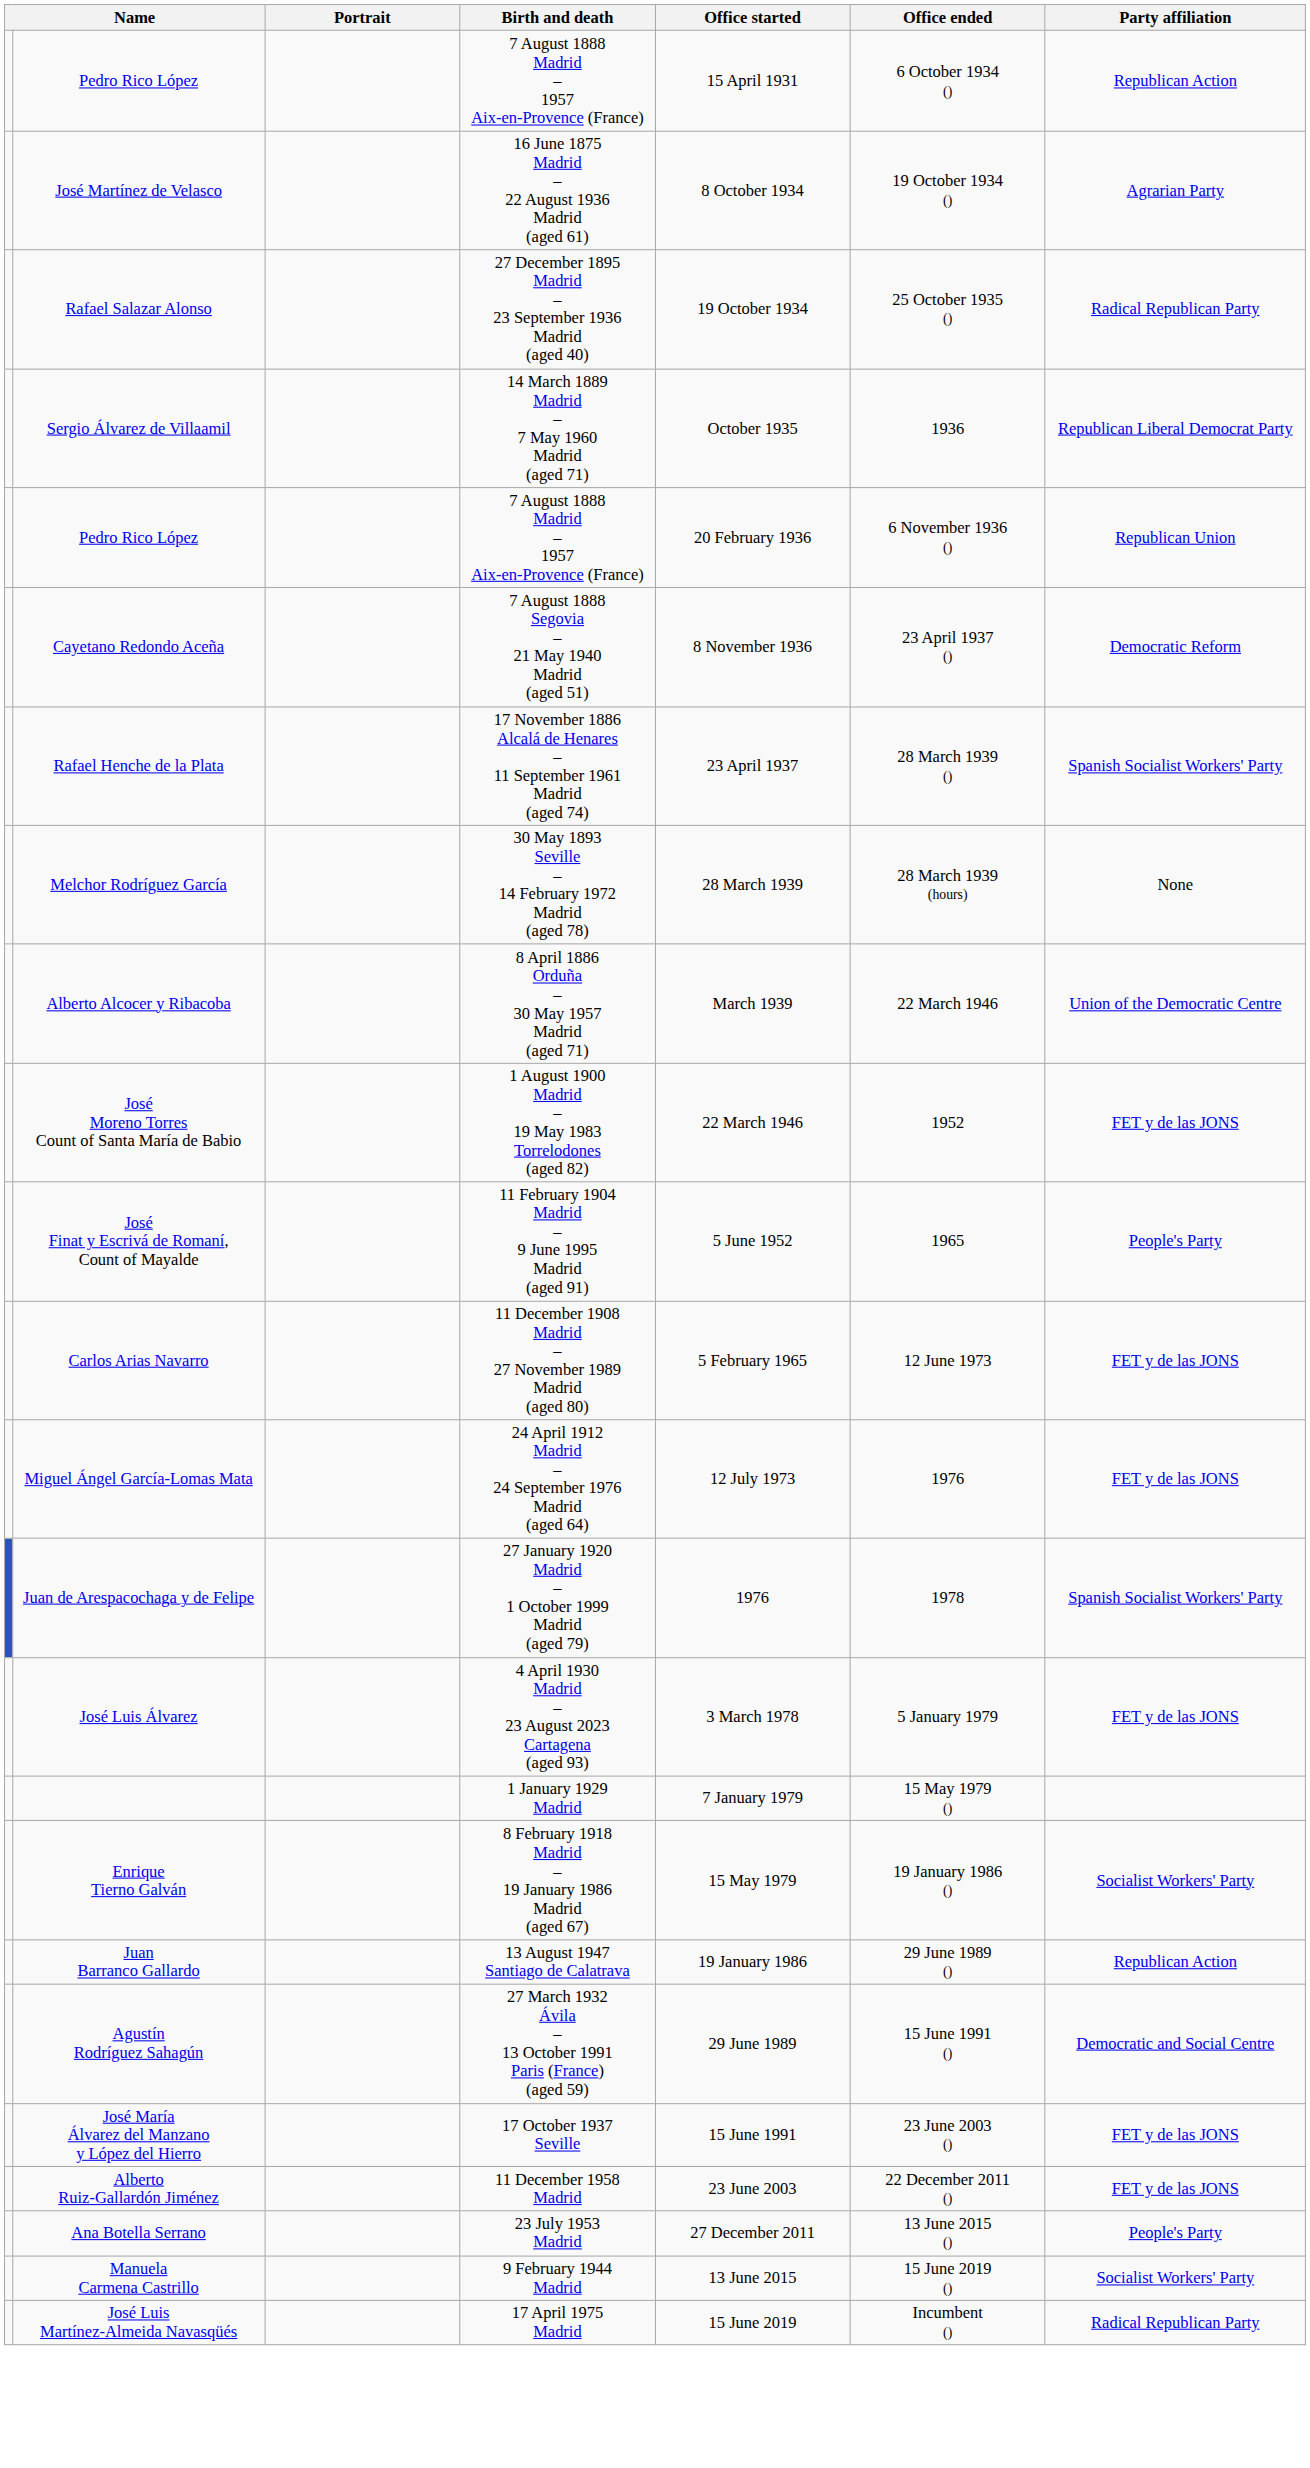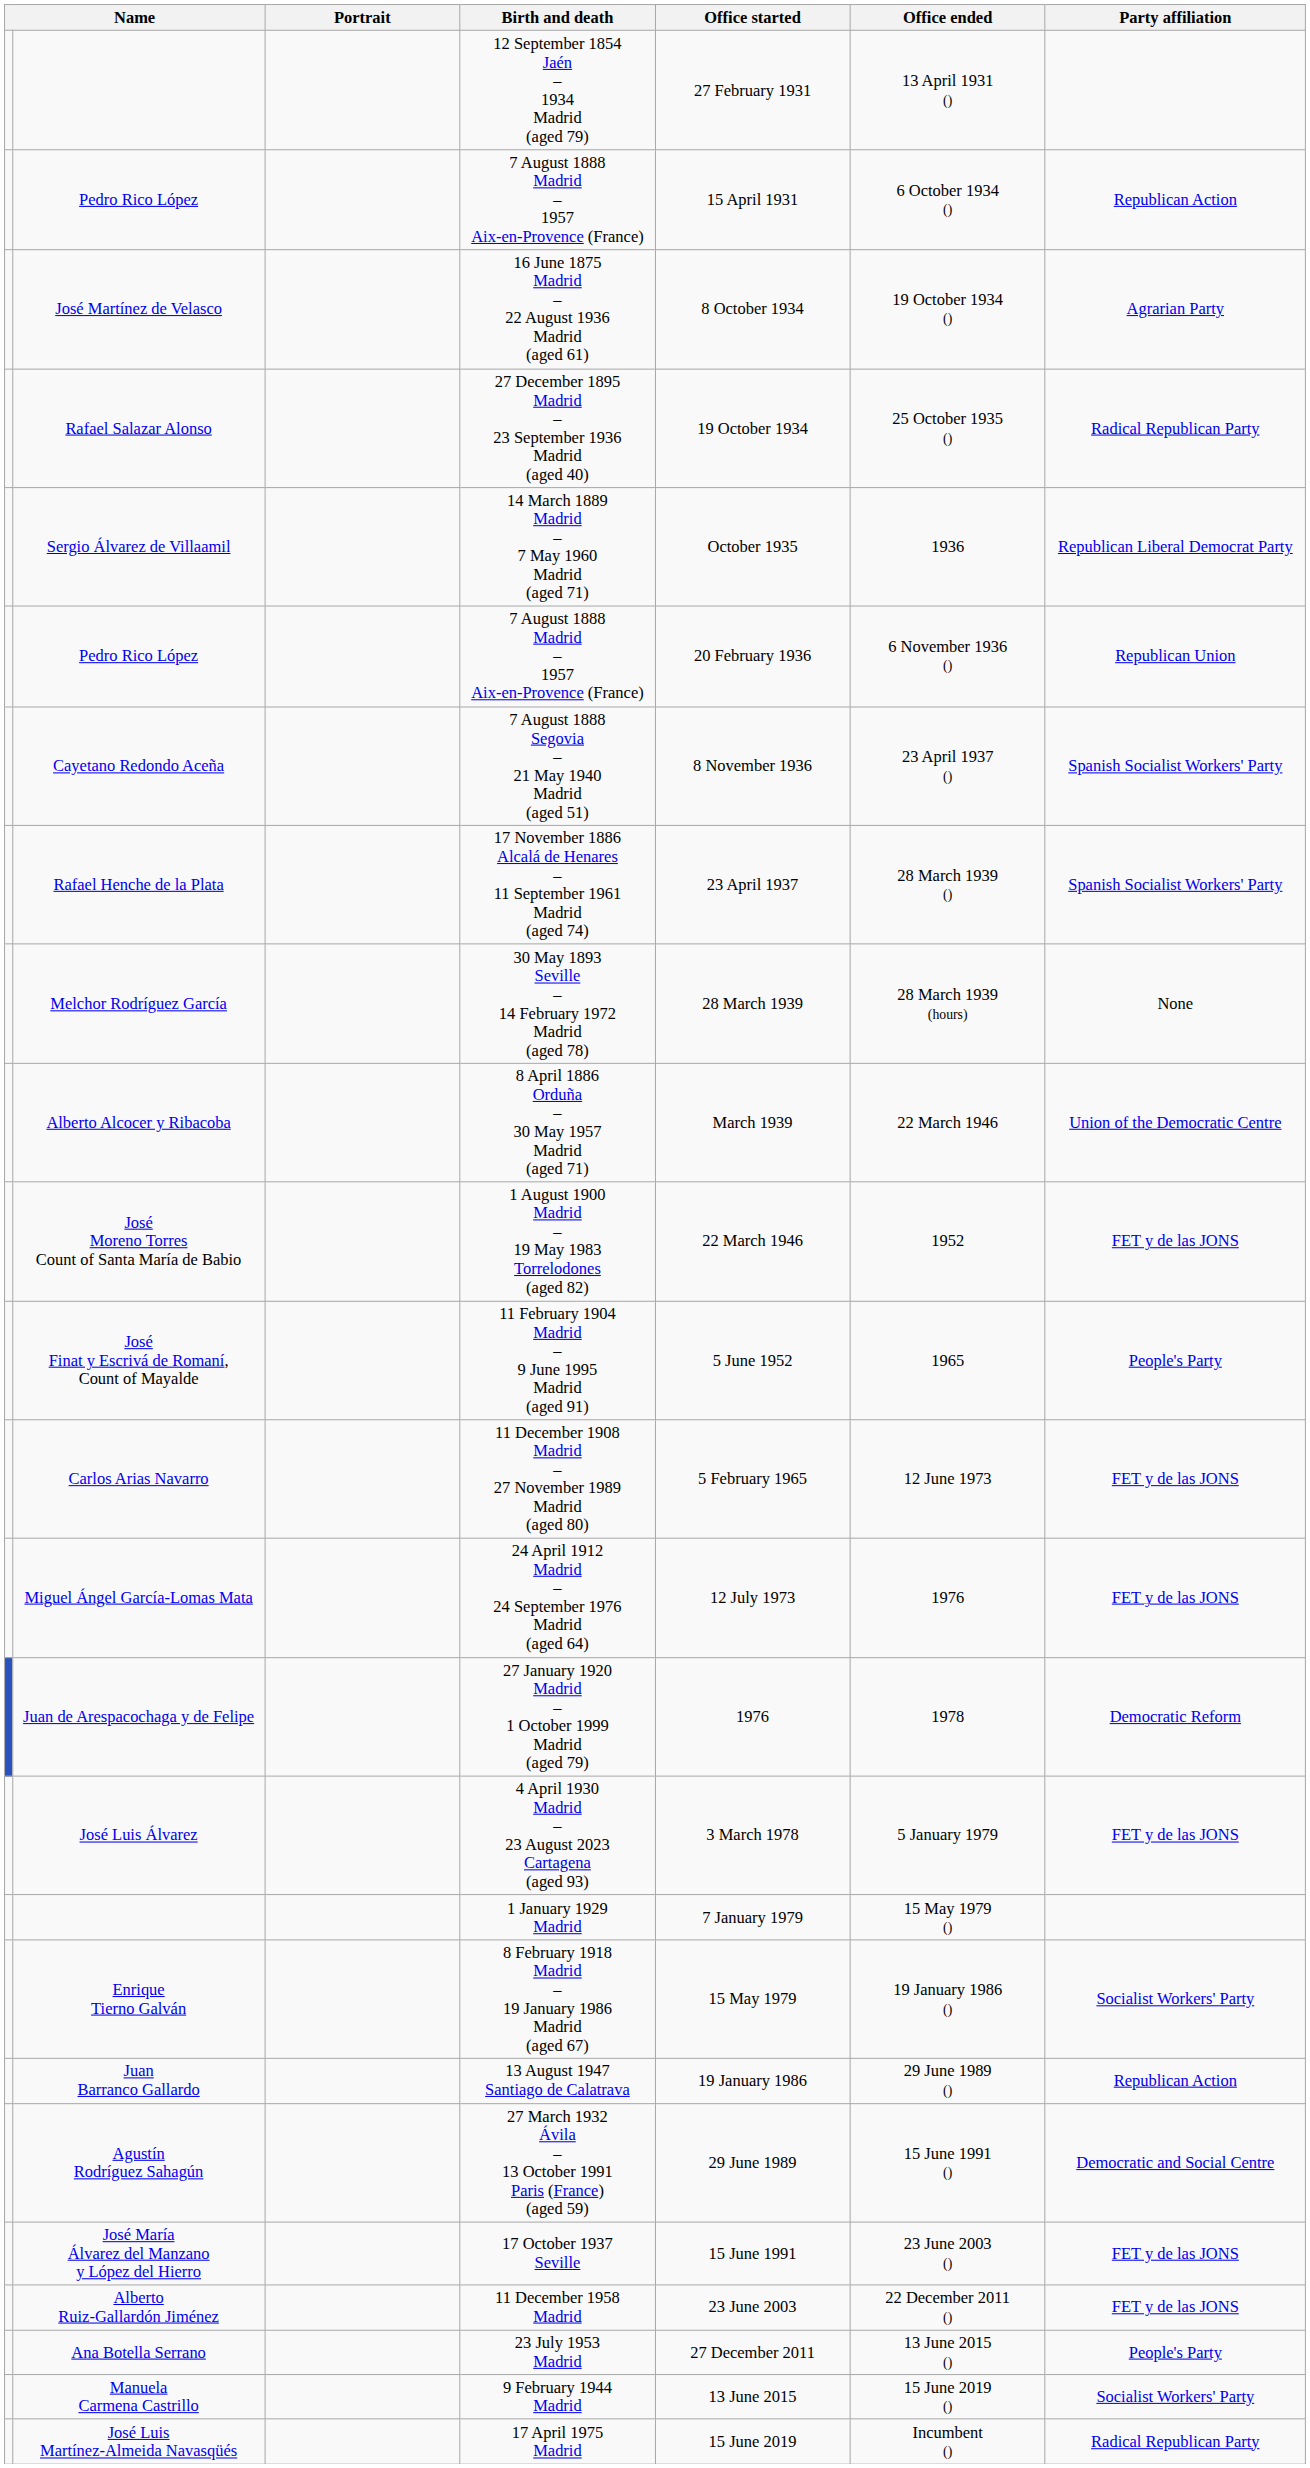 <table style="text-align:center; width:100%" class="wikitable">
 <tr>
 <th colspan=2 width=20%>Name</th>
 <th width=105px>Portrait</th>
 <th width=15%>Birth and death</th>
 <th width=15%>Office started</th>
 <th width=15%>Office ended</th>
 <th width=20%>Party affiliation</th>
+</tr>
+<tr>
+<td bgcolor=></td>
+<td></td>
+<td></td>
+<td>12 September 1854<br><a href='#'>Jaén</a><br>–<br>1934 <br>Madrid<br>(aged 79)</td>
+<td>27 February 1931</td>
+<td>13 April 1931<br><small>()</small></td>
+<td></td>
 </tr>
 <tr>
 <td></td>
 <td><a href='#'>Pedro Rico López</a></td>
 <td></td>
 <td>7 August 1888<br><a href='#'>Madrid</a><br>–<br>1957<br><a href='#'>Aix-en-Provence</a> (France)<br></td>
 <td>15 April 1931</td>
 <td>6 October 1934<br><small>()</small></td>
 <td><a href='#'>Republican Action</a></td>
 </tr>
 <tr>
 <td bgcolor=></td>
 <td><a href='#'>José Martínez de Velasco</a></td>
 <td></td>
 <td>16 June 1875<br><a href='#'>Madrid</a><br>–<br>22 August 1936<br>Madrid<br>(aged 61)</td>
 <td>8 October 1934</td>
 <td>19 October 1934<br><small>()</small></td>
 <td><a href='#'>Agrarian Party</a></td>
 </tr>
 <tr>
 <td></td>
 <td><a href='#'>Rafael Salazar Alonso</a></td>
 <td></td>
 <td>27 December 1895<br><a href='#'>Madrid</a><br>–<br>23 September 1936<br>Madrid<br>(aged 40)</td>
 <td>19 October 1934</td>
 <td>25 October 1935<br><small>()</small></td>
 <td><a href='#'>Radical Republican Party</a></td>
 </tr>
 <tr>
 <td bgcolor=></td>
 <td><a href='#'>Sergio Álvarez de Villaamil</a></td>
 <td></td>
 <td>14 March 1889<br><a href='#'>Madrid</a><br>–<br>7 May 1960<br>Madrid<br>(aged 71)</td>
 <td>October 1935</td>
 <td>1936</td>
 <td><a href='#'>Republican Liberal Democrat Party</a></td>
 </tr>
 <tr>
 <td></td>
 <td><a href='#'>Pedro Rico López</a></td>
 <td></td>
 <td>7 August 1888<br><a href='#'>Madrid</a><br>–<br>1957<br><a href='#'>Aix-en-Provence</a> (France)<br></td>
 <td>20 February 1936</td>
 <td>6 November 1936<br><small>()</small></td>
 <td><a href='#'>Republican Union</a></td>
 </tr>
 <tr>
 <td></td>
 <td><a href='#'>Cayetano Redondo Aceña</a></td>
 <td></td>
 <td>7 August 1888<br><a href='#'>Segovia</a><br>–<br>21 May 1940<br>Madrid<br>(aged 51)</td>
 <td>8 November 1936</td>
 <td>23 April 1937<br><small>()</small></td>
-<td><a href='#'>Democratic Reform</a></td>
+<td><a href='#'>Spanish Socialist Workers' Party</a></td>
 </tr>
 <tr>
 <td></td>
 <td><a href='#'>Rafael Henche de la Plata</a></td>
 <td></td>
 <td>17 November 1886<br><a href='#'>Alcalá de Henares</a><br>–<br>11 September 1961<br>Madrid<br>(aged 74)</td>
 <td>23 April 1937</td>
 <td>28 March 1939<br><small>()</small></td>
 <td><a href='#'>Spanish Socialist Workers' Party</a></td>
 </tr>
 <tr>
 <td bgcolor=></td>
 <td><a href='#'>Melchor Rodríguez García</a></td>
 <td></td>
 <td>30 May 1893<br><a href='#'>Seville</a><br>–<br>14 February 1972<br>Madrid<br>(aged 78)</td>
 <td>28 March 1939</td>
 <td>28 March 1939<br><small>(hours)</small></td>
 <td>None</td>
 </tr>
 <tr>
 <td></td>
 <td><a href='#'>Alberto Alcocer y Ribacoba</a></td>
 <td></td>
 <td>8 April 1886<br><a href='#'>Orduña</a><br>–<br>30 May 1957<br>Madrid<br>(aged 71)</td>
 <td>March 1939</td>
 <td>22 March 1946</td>
 <td><a href='#'>Union of the Democratic Centre</a></td>
 </tr>
 <tr>
 <td></td>
 <td><a href='#'>José<br>Moreno Torres</a><br>Count of Santa María de Babio</td>
 <td></td>
 <td>1 August 1900<br><a href='#'>Madrid</a><br>–<br>19 May 1983<br><a href='#'>Torrelodones</a><br>(aged 82)</td>
 <td>22 March 1946</td>
 <td>1952</td>
 <td><a href='#'>FET y de las JONS</a></td>
 </tr>
 <tr>
 <td></td>
 <td><a href='#'>José<br>Finat y Escrivá de Romaní</a>,<br>Count of Mayalde</td>
 <td></td>
 <td>11 February 1904<br><a href='#'>Madrid</a><br>–<br>9 June 1995<br>Madrid<br>(aged 91)</td>
 <td>5 June 1952</td>
 <td>1965</td>
 <td><a href='#'>People's Party</a></td>
 </tr>
 <tr>
 <td></td>
 <td><a href='#'>Carlos Arias Navarro</a></td>
 <td></td>
 <td>11 December 1908<br><a href='#'>Madrid</a><br>–<br>27 November 1989<br>Madrid<br>(aged 80)</td>
 <td>5 February 1965</td>
 <td>12 June 1973</td>
 <td><a href='#'>FET y de las JONS</a></td>
 </tr>
 <tr>
 <td></td>
 <td><a href='#'>Miguel Ángel García-Lomas Mata</a></td>
 <td></td>
 <td>24 April 1912<br><a href='#'>Madrid</a><br>–<br>24 September 1976<br>Madrid<br>(aged 64)</td>
 <td>12 July 1973</td>
 <td>1976</td>
 <td><a href='#'>FET y de las JONS</a></td>
 </tr>
 <tr>
 <td bgcolor=#2A52BE></td>
 <td><a href='#'>Juan de Arespacochaga y de Felipe</a></td>
 <td></td>
 <td>27 January 1920<br><a href='#'>Madrid</a><br>–<br>1 October 1999<br>Madrid<br>(aged 79)</td>
 <td>1976</td>
 <td>1978</td>
-<td><a href='#'>Spanish Socialist Workers' Party</a></td>
+<td><a href='#'>Democratic Reform</a></td>
 </tr>
 <tr>
 <td></td>
 <td><a href='#'>José Luis Álvarez</a></td>
 <td></td>
 <td>4 April 1930<br><a href='#'>Madrid</a><br>–<br>23 August 2023<br><a href='#'>Cartagena</a><br>(aged 93)</td>
 <td>3 March 1978</td>
 <td>5 January 1979</td>
 <td><a href='#'>FET y de las JONS</a></td>
 </tr>
 <tr>
 <td bgcolor=></td>
 <td></td>
 <td></td>
 <td>1 January 1929<br><a href='#'>Madrid</a></td>
 <td>7 January 1979</td>
 <td>15 May 1979<br><small>()</small></td>
 <td></td>
 </tr>
 <tr>
 <td></td>
 <td><a href='#'>Enrique<br>Tierno Galván</a></td>
 <td></td>
 <td>8 February 1918<br><a href='#'>Madrid</a><br>–<br>19 January 1986<br>Madrid<br>(aged 67)</td>
 <td>15 May 1979</td>
 <td>19 January 1986<br><small>()</small></td>
 <td><a href='#'>Socialist Workers' Party</a></td>
 </tr>
 <tr>
 <td></td>
 <td><a href='#'>Juan<br>Barranco Gallardo</a></td>
 <td></td>
 <td>13 August 1947<br><a href='#'>Santiago de Calatrava</a></td>
 <td>19 January 1986</td>
 <td>29 June 1989<br><small>()</small></td>
 <td><a href='#'>Republican Action</a></td>
 </tr>
 <tr>
 <td></td>
 <td><a href='#'>Agustín<br>Rodríguez Sahagún</a></td>
 <td></td>
 <td>27 March 1932<br><a href='#'>Ávila</a><br>–<br>13 October 1991<br><a href='#'>Paris</a> (<a href='#'>France</a>)<br>(aged 59)</td>
 <td>29 June 1989</td>
 <td>15 June 1991<br><small>()</small></td>
 <td><a href='#'>Democratic and Social Centre</a></td>
 </tr>
 <tr>
 <td></td>
 <td><a href='#'>José María<br>Álvarez del Manzano<br>y López del Hierro</a></td>
 <td></td>
 <td>17 October 1937<br><a href='#'>Seville</a></td>
 <td>15 June 1991</td>
 <td>23 June 2003<br><small>()</small></td>
 <td><a href='#'>FET y de las JONS</a></td>
 </tr>
 <tr>
 <td></td>
 <td><a href='#'>Alberto<br>Ruiz-Gallardón Jiménez</a></td>
 <td></td>
 <td>11 December 1958<br><a href='#'>Madrid</a></td>
 <td>23 June 2003</td>
 <td>22 December 2011<br><small>()</small></td>
 <td><a href='#'>FET y de las JONS</a></td>
 </tr>
 <tr>
 <td></td>
 <td><a href='#'>Ana Botella Serrano</a> </td>
 <td></td>
 <td>23 July 1953<br><a href='#'>Madrid</a></td>
 <td>27 December 2011</td>
 <td>13 June 2015<br><small>()</small></td>
 <td><a href='#'>People's Party</a></td>
 </tr>
 <tr>
 <td></td>
 <td><a href='#'>Manuela<br>Carmena Castrillo</a></td>
 <td></td>
 <td>9 February 1944<br><a href='#'>Madrid</a></td>
 <td>13 June 2015</td>
 <td>15 June 2019<br><small>()</small></td>
 <td><a href='#'>Socialist Workers' Party</a></td>
 </tr>
 <tr>
 <td></td>
 <td><a href='#'>José Luis<br>Martínez-Almeida Navasqüés</a></td>
 <td></td>
 <td>17 April 1975<br><a href='#'>Madrid</a></td>
 <td>15 June 2019</td>
 <td>Incumbent<br><small>()</small></td>
 <td><a href='#'>Radical Republican Party</a></td>
 </tr>
 </table>
